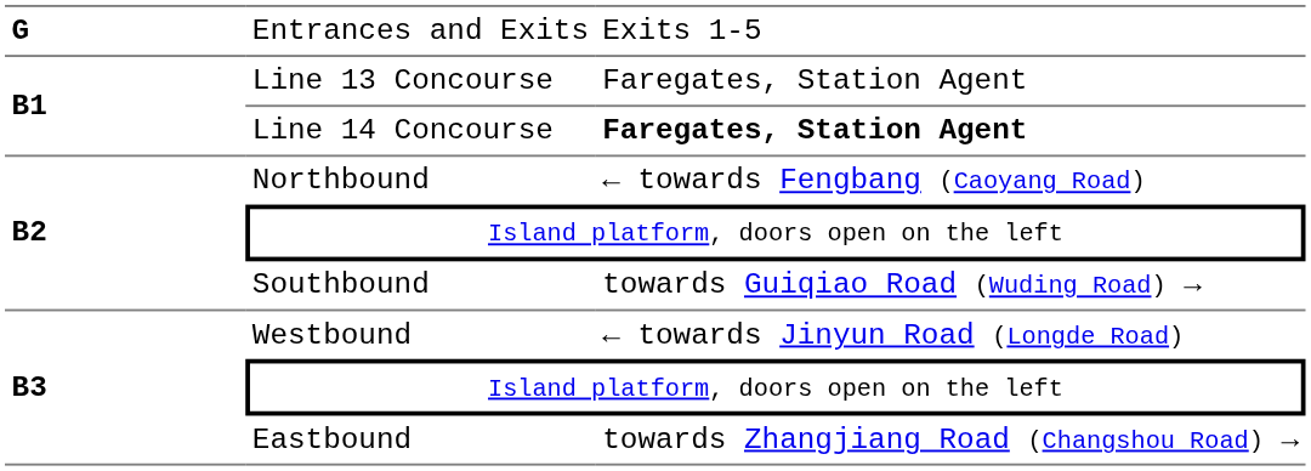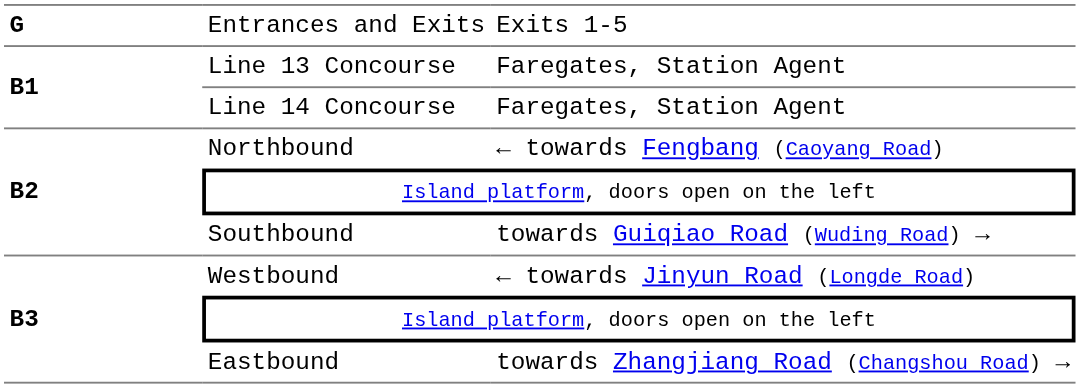 <table cellspacing=0 cellpadding=3>
 <tr>
 <td style="border-top:solid 1px gray;border-bottom:solid 1px gray;" width=100><strong>G</strong></td>
 <td style="border-top:solid 1px gray;border-bottom:solid 1px gray;">Entrances and Exits</td>
 <td style="border-top:solid 1px gray;border-bottom:solid 1px gray;">Exits 1-5</td>
 </tr>
 <tr>
 <td style="border-bottom:solid 1px gray;" rowspan=2><strong>B1</strong></td>
 <td style="border-bottom:solid 1px gray;">Line 13 Concourse</td>
 <td style="border-bottom:solid 1px gray;">Faregates, Station Agent</td>
 </tr>
 <tr>
 <td style="border-bottom:solid 1px gray;">Line 14 Concourse</td>
-<td style="border-bottom:solid 1px gray;"><strong>Faregates, Station Agent</strong></td>
+<td style="border-bottom:solid 1px gray;">Faregates, Station Agent</td>
 </tr>
 <tr>
 <td style="border-bottom:solid 1px gray;" rowspan=3><strong>B2</strong></td>
 <td>Northbound</td>
 <td>←  towards <a href='#'>Fengbang</a> <small>(<a href='#'>Caoyang Road</a>)</small></td>
 </tr>
 <tr>
 <td style="border-right:solid 2px black;border-left:solid 2px black;border-top:solid 2px black;border-bottom:solid 2px black;text-align:center;" colspan=2><small><a href='#'>Island platform</a>, doors open on the left</small></td>
 </tr>
 <tr>
 <td style="border-bottom:solid 1px gray;">Southbound</td>
 <td style="border-bottom:solid 1px gray;">  towards <a href='#'>Guiqiao Road</a> <small>(<a href='#'>Wuding Road</a>)</small> →</td>
 </tr>
 <tr>
 <td style="border-bottom:solid 1px gray;" rowspan=3><strong>B3</strong></td>
 <td>Westbound</td>
 <td>←  towards <a href='#'>Jinyun Road</a> <small>(<a href='#'>Longde Road</a>)</small></td>
 </tr>
 <tr>
 <td style="border-right:solid 2px black;border-left:solid 2px black;border-top:solid 2px black;border-bottom:solid 2px black;text-align:center;" colspan=2><small><a href='#'>Island platform</a>, doors open on the left</small></td>
 </tr>
 <tr>
 <td style="border-bottom:solid 1px gray;">Eastbound</td>
 <td style="border-bottom:solid 1px gray;">  towards <a href='#'>Zhangjiang Road</a> <small>(<a href='#'>Changshou Road</a>)</small> →</td>
 </tr>
 </table>
